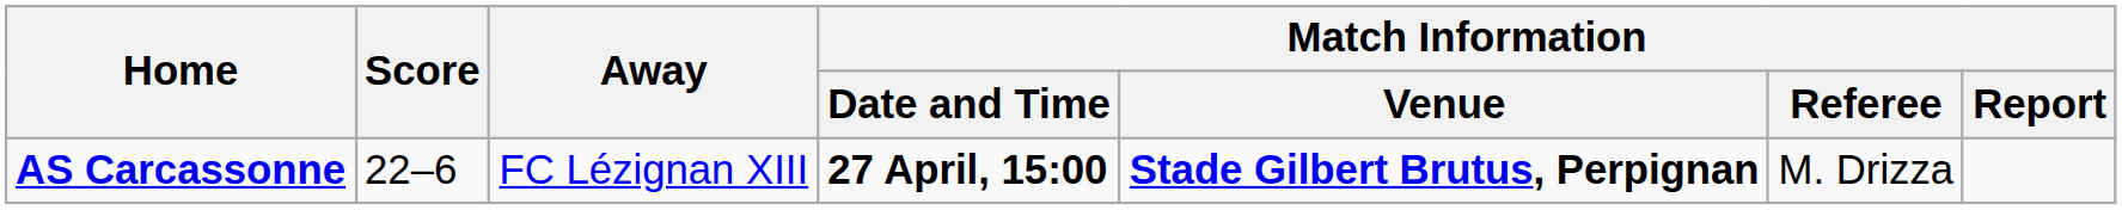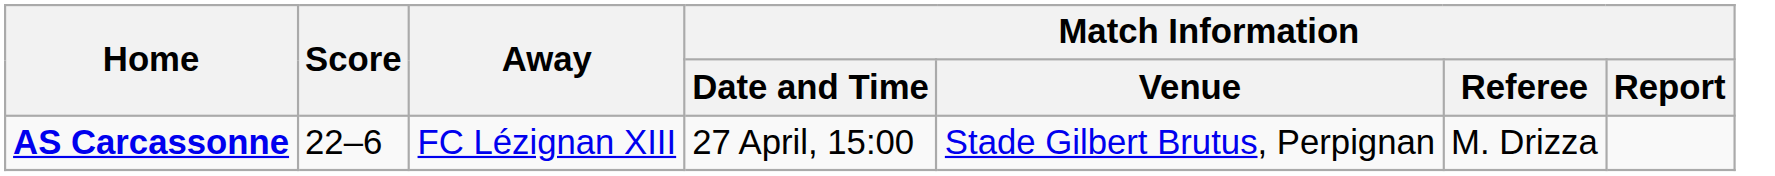 <table class="wikitable defaultcenter col1left col3left">
 <tr>
 <th scope="col" rowspan=2>Home</th>
 <th scope="col" rowspan=2>Score</th>
 <th scope="col" rowspan=2>Away</th>
 <th scope="col" colspan=4>Match Information</th>
 </tr>
 <tr>
 <th scope="col">Date and Time</th>
 <th scope="col">Venue</th>
 <th scope="col">Referee</th>
 <th scope="col">Report</th>
 </tr>
 <tr>
 <td> <strong><a href='#'>AS Carcassonne</a></strong></td>
 <td>22–6</td>
 <td> <a href='#'>FC Lézignan XIII</a></td>
-<td><strong>27 April, 15:00</strong></td>
-<td><strong><a href='#'>Stade Gilbert Brutus</a>, Perpignan</strong></td>
+<td>27 April, 15:00</td>
+<td><a href='#'>Stade Gilbert Brutus</a>, Perpignan</td>
 <td>M. Drizza</td>
 <td></td>
 </tr>
 </table>
